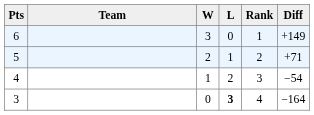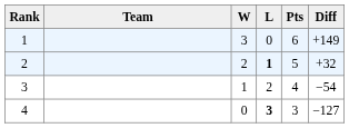 <table style=border-collapse:collapse border=1 cellspacing=0 cellpadding=5>
 <tr align=center bgcolor=#efefef>
-<th width=20>Pts</th>
+<th width=20>Rank</th>
 <th width=220>Team</th>
 <th width=20>W</th>
 <th width=20>L</th>
-<th width=20>Rank</th>
+<th width=20>Pts</th>
 <th width=20>Diff</th>
 </tr>
 <tr align=center bgcolor=#EBF5FF>
-<td>6</td>
+<td>1</td>
 <td align=left></td>
 <td>3</td>
 <td>0</td>
-<td>1</td>
+<td>6</td>
 <td>+149</td>
 </tr>
 <tr align=center bgcolor=#EBF5FF>
-<td>5</td>
+<td>2</td>
 <td align=left></td>
 <td>2</td>
+<td><strong>1</strong></td>
+<td>5</td>
+<td>+32</td>
+</tr>
+<tr align=center>
+<td>3</td>
+<td align=left></td>
 <td>1</td>
 <td>2</td>
-<td>+71</td>
+<td>4</td>
+<td>−54</td>
 </tr>
 <tr align=center>
 <td>4</td>
 <td align=left></td>
-<td>1</td>
-<td>2</td>
-<td>3</td>
-<td>−54</td>
-</tr>
-<tr align=center>
-<td>3</td>
-<td align=left></td>
 <td>0</td>
 <td><strong>3</strong></td>
-<td>4</td>
-<td>−164</td>
+<td>3</td>
+<td>−127</td>
 </tr>
 </table>
